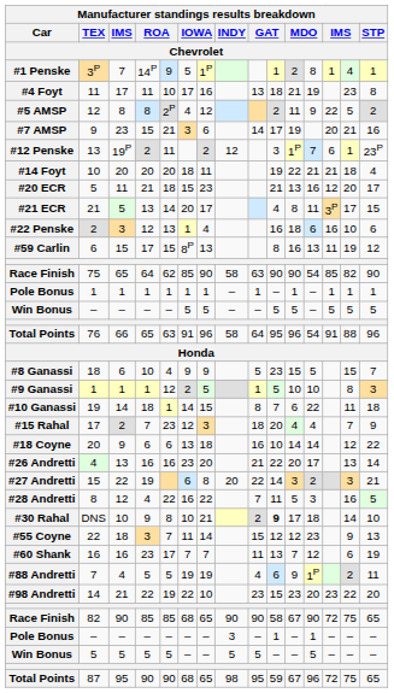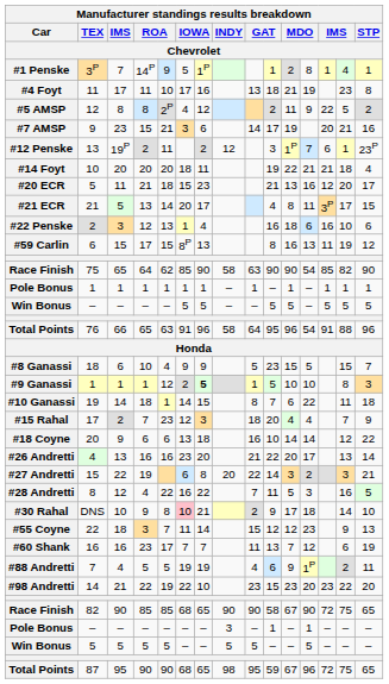 <table class="wikitable mw-collapsible mw-collapsed" style="font-size: 85%; text-align:center">
 <tr>
 <th colspan="16" class="nowrap">Manufacturer standings results breakdown</th>
 </tr>
 <tr>
 <th>Car</th>
 <th><a href='#'>TEX</a></th>
 <th><a href='#'>IMS</a></th>
 <th colspan=2><a href='#'>ROA</a></th>
 <th colspan=2><a href='#'>IOWA</a></th>
 <th><a href='#'>INDY</a></th>
 <th colspan=2><a href='#'>GAT</a></th>
 <th colspan=2><a href='#'>MDO</a></th>
 <th colspan=2><a href='#'>IMS</a></th>
 <th><a href='#'>STP</a></th>
 </tr>
 <tr>
 <th colspan="16">Chevrolet</th>
 </tr>
 <tr>
 <th align="left">#1 Penske</th>
 <td style="background:#FFDF9F">3<sup>P</sup></td>
 <td>7</td>
 <td>14<sup>P</sup></td>
 <td style="background:#CFEAFF">9</td>
 <td>5</td>
 <td style="background:#FFFFBF">1<sup>P</sup></td>
 <td style="background:#DFFFDF"></td>
 <td></td>
 <td style="background:#FFFFBF">1</td>
 <td style="background:#DFDFDF">2</td>
 <td>8</td>
 <td style="background:#FFFFBF">1</td>
 <td style="background:#DFFFDF">4</td>
 <td style="background:#FFFFBF">1</td>
 </tr>
 <tr>
 <th align="left">#4 Foyt</th>
 <td>11</td>
 <td>17</td>
 <td>11</td>
 <td>10</td>
 <td>17</td>
 <td>16</td>
 <td></td>
 <td>13</td>
 <td>18</td>
 <td>21</td>
 <td>19</td>
 <td></td>
 <td>23</td>
 <td>8</td>
 </tr>
 <tr>
 <th align="left">#5 AMSP</th>
 <td>12</td>
 <td>8</td>
 <td style="background:#CFEAFF">8</td>
 <td style="background:#DFDFDF">2<sup>P</sup></td>
 <td>4</td>
 <td>12</td>
 <td style="background:#CFEAFF"></td>
 <td style="background:#FFDF9F"></td>
 <td style="background:#DFDFDF">2</td>
 <td>11</td>
 <td>9</td>
 <td>22</td>
 <td>5</td>
 <td style="background:#DFDFDF">2</td>
 </tr>
 <tr>
 <th align="left">#7 AMSP</th>
 <td>9</td>
 <td>23</td>
 <td>15</td>
 <td>21</td>
 <td style="background:#FFDF9F">3</td>
 <td>6</td>
 <td></td>
 <td>14</td>
 <td>17</td>
 <td>19</td>
 <td></td>
 <td>20</td>
 <td>21</td>
 <td>16</td>
 </tr>
 <tr>
 <th align="left">#12 Penske</th>
 <td>13</td>
 <td>19<sup>P</sup></td>
 <td style="background:#DFDFDF">2</td>
 <td>11</td>
 <td></td>
 <td style="background:#DFDFDF">2</td>
 <td>12</td>
 <td></td>
 <td>3</td>
 <td style="background:#FFFFBF">1<sup>P</sup></td>
 <td style="background:#CFEAFF">7</td>
 <td>6</td>
 <td style="background:#FFFFBF">1</td>
 <td>23<sup>P</sup></td>
 </tr>
 <tr>
 <th align="left">#14 Foyt</th>
 <td>10</td>
 <td>20</td>
 <td>20</td>
 <td>20</td>
 <td>18</td>
 <td>11</td>
 <td></td>
 <td></td>
 <td>19</td>
 <td>22</td>
 <td>21</td>
 <td>21</td>
 <td>18</td>
 <td>4</td>
 </tr>
 <tr>
 <th align="left">#20 ECR</th>
 <td>5</td>
 <td>11</td>
 <td>21</td>
 <td>18</td>
 <td>15</td>
 <td>23</td>
 <td></td>
 <td></td>
 <td>21</td>
 <td>13</td>
 <td>16</td>
 <td>12</td>
 <td>20</td>
 <td>17</td>
 </tr>
 <tr>
 <th align="left">#21 ECR</th>
 <td>21</td>
 <td style="background:#DFFFDF">5</td>
 <td>13</td>
 <td>14</td>
 <td>20</td>
 <td>17</td>
 <td></td>
 <td style="background:#CFEAFF"></td>
 <td>4</td>
 <td>8</td>
 <td>11</td>
 <td style="background:#FFDF9F">3<sup>P</sup></td>
 <td>17</td>
 <td>15</td>
 </tr>
 <tr>
 <th align="left">#22 Penske</th>
 <td style="background:#DFDFDF">2</td>
 <td style="background:#FFDF9F">3</td>
 <td>12</td>
 <td>13</td>
 <td style="background:#FFFFBF">1</td>
 <td>4</td>
 <td></td>
 <td></td>
 <td>16</td>
 <td>18</td>
 <td style="background:#CFEAFF">6</td>
 <td>16</td>
 <td>10</td>
 <td>6</td>
 </tr>
 <tr>
 <th align="left">#59 Carlin</th>
 <td>6</td>
 <td>15</td>
 <td>17</td>
 <td>15</td>
 <td>8<sup>P</sup></td>
 <td>13</td>
 <td></td>
 <td></td>
 <td>8</td>
 <td>16</td>
 <td>13</td>
 <td>11</td>
 <td>19</td>
 <td>12</td>
 </tr>
 <tr>
 <th colspan="16"></th>
 </tr>
 <tr>
 <th>Race Finish</th>
 <td>75</td>
 <td>65</td>
 <td>64</td>
 <td>62</td>
 <td>85</td>
 <td>90</td>
 <td>58</td>
 <td>63</td>
 <td>90</td>
 <td>90</td>
 <td>54</td>
 <td>85</td>
 <td>82</td>
 <td>90</td>
 </tr>
 <tr>
 <th>Pole Bonus</th>
 <td>1</td>
 <td>1</td>
 <td>1</td>
 <td>1</td>
 <td>1</td>
 <td>1</td>
 <td>–</td>
 <td>1</td>
 <td>–</td>
 <td>1</td>
 <td>–</td>
 <td>1</td>
 <td>1</td>
 <td>1</td>
 </tr>
 <tr>
 <th>Win Bonus</th>
 <td>–</td>
 <td>–</td>
 <td>–</td>
 <td>–</td>
 <td>5</td>
 <td>5</td>
 <td>–</td>
 <td>–</td>
 <td>5</td>
 <td>5</td>
 <td>–</td>
 <td>5</td>
 <td>5</td>
 <td>5</td>
 </tr>
 <tr>
 <th colspan="16"></th>
 </tr>
 <tr>
 <th>Total Points</th>
 <td>76</td>
 <td>66</td>
 <td>65</td>
 <td>63</td>
 <td>91</td>
 <td>96</td>
 <td>58</td>
 <td>64</td>
 <td>95</td>
 <td>96</td>
 <td>54</td>
 <td>91</td>
 <td>88</td>
 <td>96</td>
 </tr>
 <tr>
 <th colspan="16">Honda</th>
 </tr>
 <tr>
 <th align="left">#8 Ganassi</th>
 <td>18</td>
 <td>6</td>
 <td>10</td>
 <td>4</td>
 <td>9</td>
 <td>9</td>
 <td></td>
 <td>5</td>
 <td>23</td>
 <td>15</td>
 <td>5</td>
 <td></td>
 <td>15</td>
 <td>7</td>
 </tr>
 <tr>
 <th align="left">#9 Ganassi</th>
 <td style="background:#FFFFBF">1</td>
 <td style="background:#FFFFBF">1</td>
 <td style="background:#FFFFBF">1</td>
 <td>12</td>
 <td style="background:#DFDFDF">2</td>
-<td style="background:#DFFFDF">5</td>
+<td style="background:#DFFFDF"><strong>5</strong></td>
 <td style="background:#DFDFDF"></td>
 <td style="background:#FFFFBF">1</td>
 <td style="background:#DFFFDF">5</td>
 <td>10</td>
 <td>10</td>
 <td></td>
 <td>8</td>
 <td style="background:#FFDF9F">3</td>
 </tr>
 <tr>
 <th align="left">#10 Ganassi</th>
 <td>19</td>
 <td>14</td>
 <td>18</td>
 <td style="background:#FFFFBF">1</td>
 <td>14</td>
 <td>15</td>
 <td></td>
 <td>8</td>
 <td>7</td>
 <td>6</td>
 <td>22</td>
 <td></td>
 <td>11</td>
 <td>18</td>
 </tr>
 <tr>
 <th align="left">#15 Rahal</th>
 <td>17</td>
 <td style="background:#DFDFDF">2</td>
 <td>7</td>
 <td>23</td>
 <td>12</td>
 <td style="background:#FFDF9F">3</td>
 <td></td>
 <td>18</td>
 <td>20</td>
 <td style="background:#DFFFDF">4</td>
 <td>4</td>
 <td></td>
 <td>7</td>
 <td>9</td>
 </tr>
 <tr>
 <th align="left">#18 Coyne</th>
 <td>20</td>
 <td>9</td>
 <td>6</td>
 <td>6</td>
 <td>13</td>
 <td>18</td>
 <td></td>
 <td>16</td>
 <td>10</td>
 <td>14</td>
 <td>14</td>
 <td></td>
 <td>12</td>
 <td>22</td>
 </tr>
 <tr>
 <th align="left">#26 Andretti</th>
 <td style="background:#DFFFDF">4</td>
 <td>13</td>
 <td>16</td>
 <td>16</td>
 <td>23</td>
 <td>20</td>
 <td></td>
 <td>21</td>
 <td>22</td>
 <td>20</td>
 <td>17</td>
 <td></td>
 <td>13</td>
 <td>14</td>
 </tr>
 <tr>
 <th align="left">#27 Andretti</th>
 <td>15</td>
 <td>22</td>
 <td>19</td>
 <td style="background:#FFDF9F"></td>
 <td style="background:#CFEAFF">6</td>
 <td>8</td>
 <td>20</td>
 <td>22</td>
 <td>14</td>
 <td style="background:#FFDF9F">3</td>
 <td style="background:#DFDFDF">2</td>
 <td style="background:#DFDFDF"></td>
 <td style="background:#FFDF9F">3</td>
 <td>21</td>
 </tr>
 <tr>
 <th align="left">#28 Andretti</th>
 <td>8</td>
 <td>12</td>
 <td>4</td>
 <td>22</td>
 <td>16</td>
 <td>22</td>
 <td></td>
 <td>7</td>
 <td>11</td>
 <td>5</td>
 <td>3</td>
 <td></td>
 <td>16</td>
 <td style="background:#DFFFDF">5</td>
 </tr>
 <tr>
 <th align="left">#30 Rahal</th>
 <td>DNS</td>
 <td>10</td>
 <td>9</td>
 <td>8</td>
-<td>10</td>
+<td style="background: pink;">10</td>
 <td>21</td>
 <td style="background:#FFFFBF"></td>
 <td style="background:#DFDFDF">2</td>
-<td><strong>9</strong></td>
+<td>9</td>
 <td>17</td>
 <td>18</td>
 <td></td>
 <td>14</td>
 <td>10</td>
 </tr>
 <tr>
 <th align="left">#55 Coyne</th>
 <td>22</td>
 <td>18</td>
 <td style="background:#FFDF9F">3</td>
 <td>7</td>
 <td>11</td>
 <td>14</td>
 <td></td>
 <td>15</td>
 <td>12</td>
 <td>12</td>
 <td>23</td>
 <td></td>
 <td>9</td>
 <td>13</td>
 </tr>
 <tr>
 <th align="left">#60 Shank</th>
 <td>16</td>
 <td>16</td>
 <td>23</td>
 <td>17</td>
 <td>7</td>
 <td>7</td>
 <td></td>
 <td>11</td>
 <td>13</td>
 <td>7</td>
 <td>12</td>
 <td></td>
 <td>6</td>
 <td>19</td>
 </tr>
 <tr>
 <th align="left">#88 Andretti</th>
 <td>7</td>
 <td>4</td>
 <td>5</td>
 <td>5</td>
 <td>19</td>
 <td>19</td>
 <td></td>
 <td>4</td>
 <td style="background:#CFEAFF">6</td>
 <td>9</td>
 <td style="background:#FFFFBF">1<sup>P</sup></td>
 <td style="background:#DFFFDF"></td>
 <td style="background:#DFDFDF">2</td>
 <td>11</td>
 </tr>
 <tr>
 <th align="left">#98 Andretti</th>
 <td>14</td>
 <td>21</td>
 <td>22</td>
 <td>19</td>
 <td>22</td>
 <td>10</td>
 <td></td>
 <td>23</td>
 <td>15</td>
 <td>23</td>
 <td>20</td>
 <td>23</td>
 <td>22</td>
 <td>20</td>
 </tr>
 <tr>
 <th colspan="16"></th>
 </tr>
 <tr>
 <th>Race Finish</th>
 <td>82</td>
 <td>90</td>
 <td>85</td>
 <td>85</td>
 <td>68</td>
 <td>65</td>
 <td>90</td>
 <td>90</td>
 <td>58</td>
 <td>67</td>
 <td>90</td>
 <td>72</td>
 <td>75</td>
 <td>65</td>
 </tr>
 <tr>
 <th>Pole Bonus</th>
 <td>–</td>
 <td>–</td>
 <td>–</td>
 <td>–</td>
 <td>–</td>
 <td>–</td>
 <td>3</td>
 <td>–</td>
 <td>1</td>
 <td>–</td>
 <td>1</td>
 <td>–</td>
 <td>–</td>
 <td>–</td>
 </tr>
 <tr>
 <th>Win Bonus</th>
 <td>5</td>
 <td>5</td>
 <td>5</td>
 <td>5</td>
 <td>–</td>
 <td>–</td>
 <td>5</td>
 <td>5</td>
 <td>–</td>
 <td>–</td>
 <td>5</td>
 <td>–</td>
 <td>–</td>
 <td>–</td>
 </tr>
 <tr>
 <th colspan="16"></th>
 </tr>
 <tr>
 <th>Total Points</th>
 <td>87</td>
 <td>95</td>
 <td>90</td>
 <td>90</td>
 <td>68</td>
 <td>65</td>
 <td>98</td>
 <td>95</td>
 <td>59</td>
 <td>67</td>
 <td>96</td>
 <td>72</td>
 <td>75</td>
 <td>65</td>
 </tr>
 </table>
